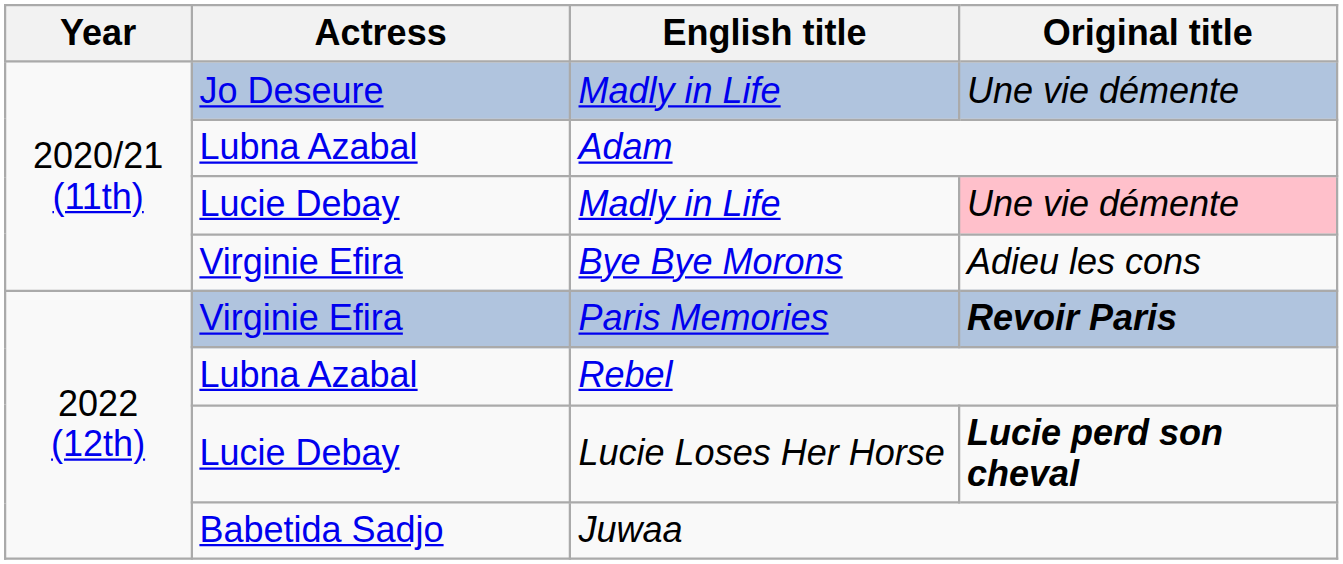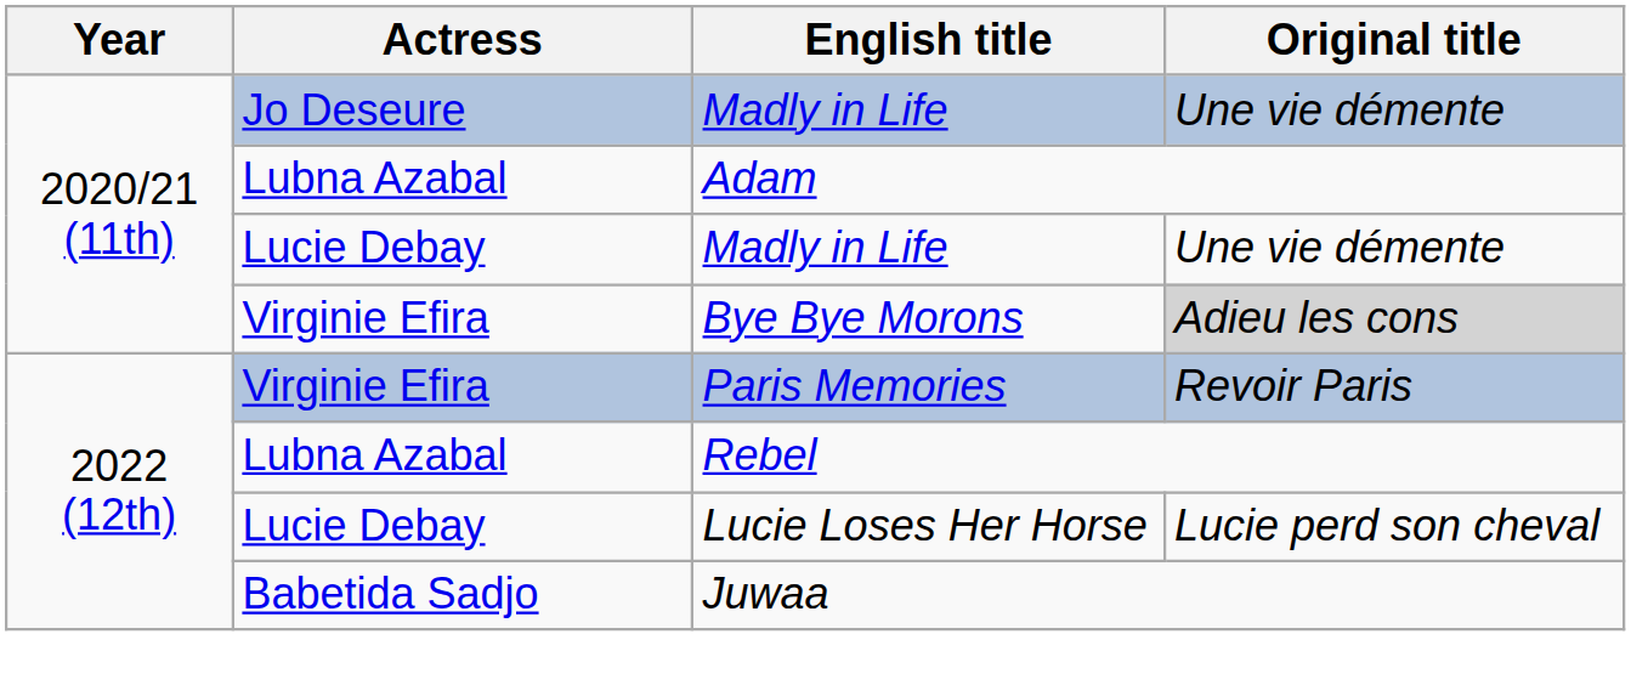 <table class="wikitable" width="95%" cellpadding="5">
 <tr>
 <th width="100"><strong>Year</strong></th>
 <th width="300"><strong>Actress</strong></th>
 <th width="300"><strong>English title</strong></th>
 <th width="300"><strong>Original title</strong></th>
 </tr>
 <tr>
 <td rowspan="4" style="text-align:center;">2020/21<br><a href='#'>(11th)</a></td>
 <td style="background:#B0C4DE;"><a href='#'>Jo Deseure</a></td>
 <td style="background:#B0C4DE;"><em><a href='#'>Madly in Life</a></em></td>
 <td style="background:#B0C4DE;"><em>Une vie démente</em></td>
 </tr>
 <tr>
 <td><a href='#'>Lubna Azabal</a></td>
 <td colspan="2"><em><a href='#'>Adam</a></em></td>
 </tr>
 <tr>
 <td><a href='#'>Lucie Debay</a></td>
 <td><em><a href='#'>Madly in Life</a></em></td>
-<td style="background: pink;"><em>Une vie démente</em></td>
+<td><em>Une vie démente</em></td>
 </tr>
 <tr>
 <td><a href='#'>Virginie Efira</a></td>
 <td><em><a href='#'>Bye Bye Morons</a></em></td>
-<td><em>Adieu les cons</em></td>
+<td style="background: lightgrey;"><em>Adieu les cons</em></td>
 </tr>
 <tr>
 <td rowspan="4" style="text-align:center;">2022<br><a href='#'>(12th)</a></td>
 <td style="background:#B0C4DE;"><a href='#'>Virginie Efira</a></td>
 <td style="background:#B0C4DE;"><em><a href='#'>Paris Memories</a></em></td>
-<td style="background:#B0C4DE;"><strong><em>Revoir Paris</em></strong></td>
+<td style="background:#B0C4DE;"><em>Revoir Paris</em></td>
 </tr>
 <tr>
 <td><a href='#'>Lubna Azabal</a></td>
 <td colspan="2"><em><a href='#'>Rebel</a></em></td>
 </tr>
 <tr>
 <td><a href='#'>Lucie Debay</a></td>
 <td><em>Lucie Loses Her Horse</em></td>
-<td><strong><em>Lucie perd son cheval</em></strong></td>
+<td><em>Lucie perd son cheval</em></td>
 </tr>
 <tr>
 <td><a href='#'>Babetida Sadjo</a></td>
 <td colspan="2"><em>Juwaa</em></td>
 </tr>
 </table>
